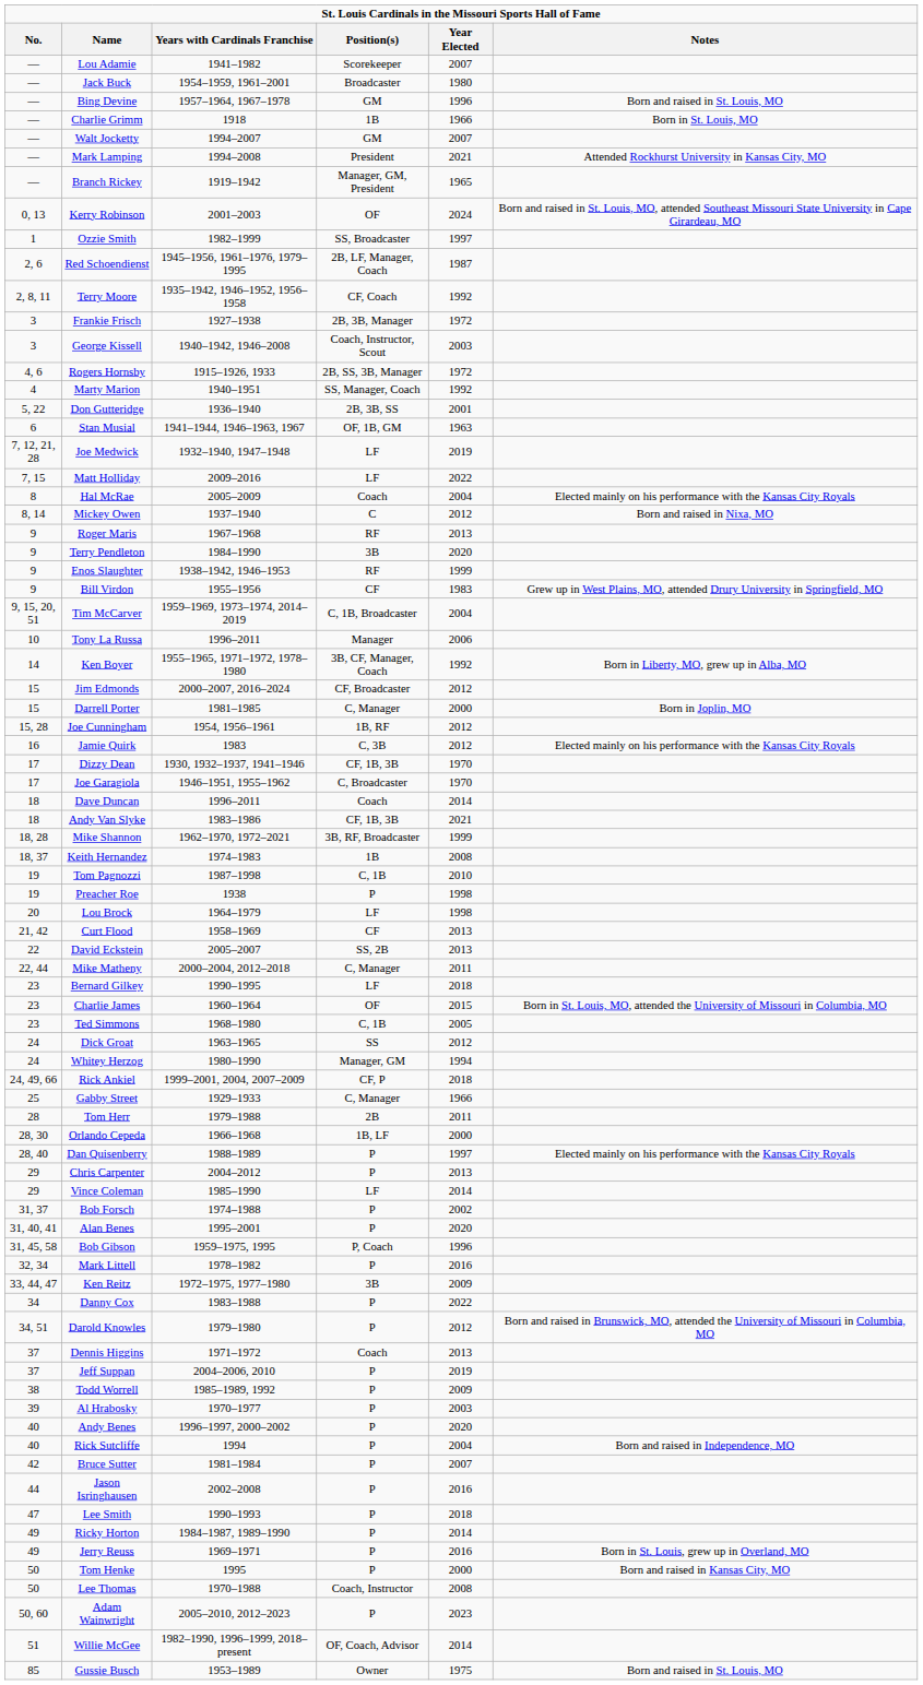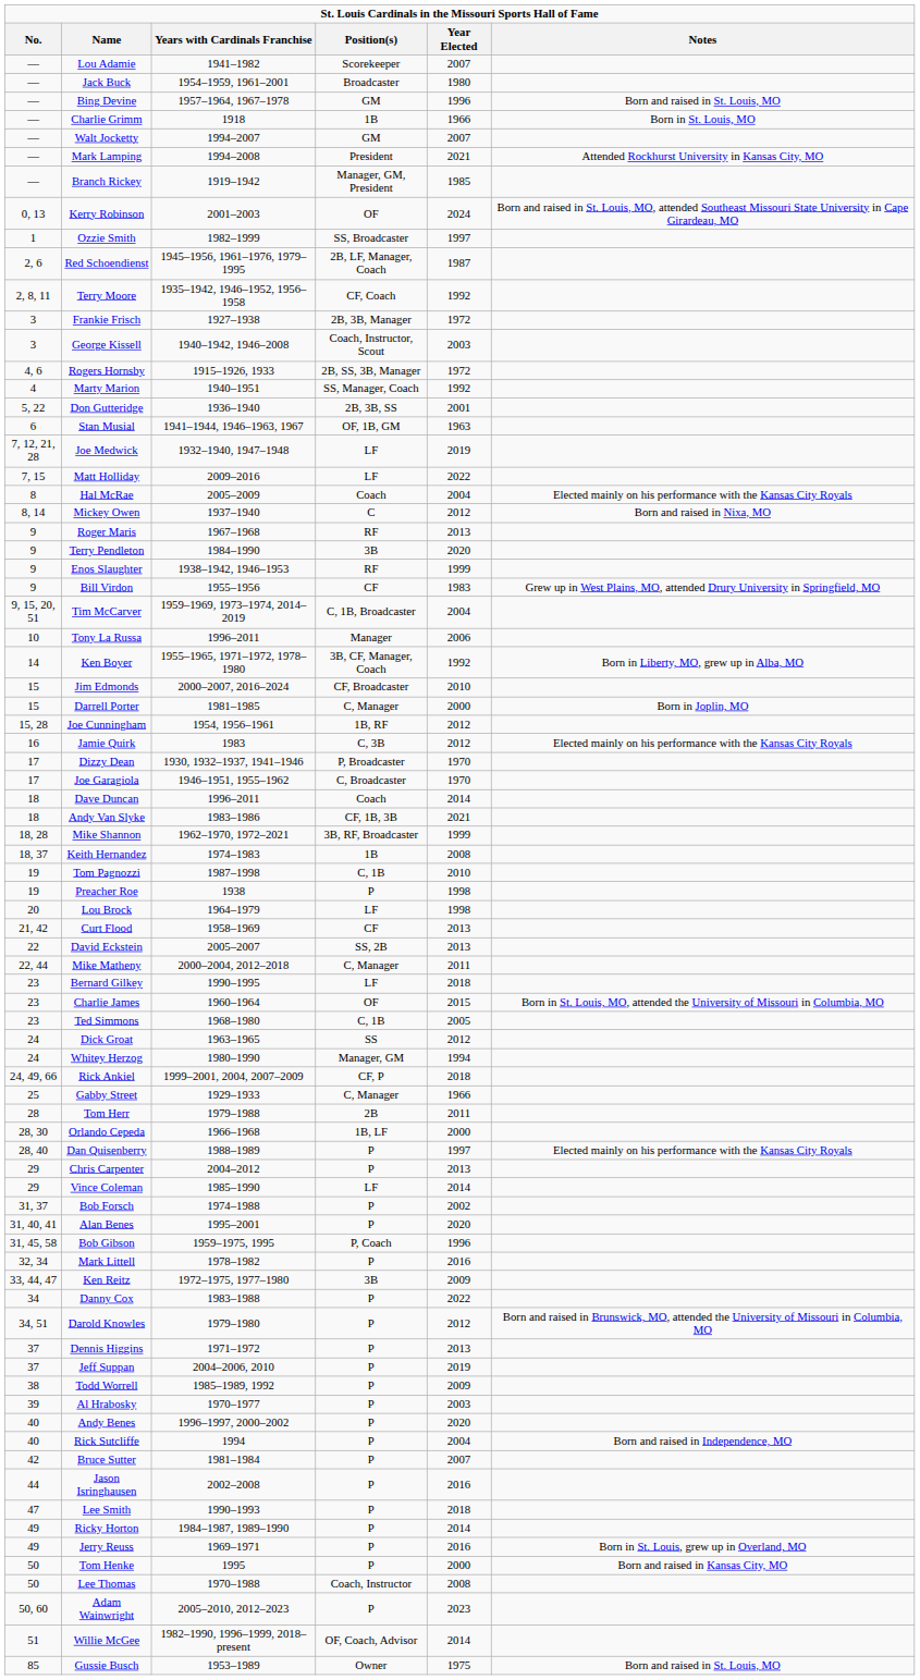 <table class="wikitable sortable" style="text-align:center">
 <tr>
 <td colspan="6"><strong>St. Louis Cardinals in the Missouri Sports Hall of Fame</strong></td>
 </tr>
 <tr>
 <th>No.</th>
 <th>Name</th>
 <th>Years with Cardinals Franchise</th>
 <th>Position(s)</th>
 <th>Year Elected</th>
 <th>Notes</th>
 </tr>
 <tr>
 <td>—</td>
 <td><a href='#'>Lou Adamie</a></td>
 <td>1941–1982</td>
 <td>Scorekeeper</td>
 <td>2007</td>
 <td></td>
 </tr>
 <tr>
 <td>—</td>
 <td><a href='#'>Jack Buck</a></td>
 <td>1954–1959, 1961–2001</td>
 <td>Broadcaster</td>
 <td>1980</td>
 <td></td>
 </tr>
 <tr>
 <td>—</td>
 <td><a href='#'>Bing Devine</a></td>
 <td>1957–1964, 1967–1978</td>
 <td>GM</td>
 <td>1996</td>
 <td>Born and raised in <a href='#'>St. Louis, MO</a></td>
 </tr>
 <tr>
 <td>—</td>
 <td><a href='#'>Charlie Grimm</a></td>
 <td>1918</td>
 <td>1B</td>
 <td>1966</td>
 <td>Born in <a href='#'>St. Louis, MO</a></td>
 </tr>
 <tr>
 <td>—</td>
 <td><a href='#'>Walt Jocketty</a></td>
 <td>1994–2007</td>
 <td>GM</td>
 <td>2007</td>
 <td></td>
 </tr>
 <tr>
 <td>—</td>
 <td><a href='#'>Mark Lamping</a></td>
 <td>1994–2008</td>
 <td>President</td>
 <td>2021</td>
 <td>Attended <a href='#'>Rockhurst University</a> in <a href='#'>Kansas City, MO</a></td>
 </tr>
 <tr>
 <td>—</td>
 <td><a href='#'>Branch Rickey</a></td>
 <td>1919–1942</td>
 <td>Manager, GM, President</td>
-<td>1965</td>
+<td>1985</td>
 <td></td>
 </tr>
 <tr>
 <td>0, 13</td>
 <td><a href='#'>Kerry Robinson</a></td>
 <td>2001–2003</td>
 <td>OF</td>
 <td>2024</td>
 <td>Born and raised in <a href='#'>St. Louis, MO</a>, attended <a href='#'>Southeast Missouri State University</a> in <a href='#'>Cape Girardeau, MO</a></td>
 </tr>
 <tr>
 <td>1</td>
 <td><a href='#'>Ozzie Smith</a></td>
 <td>1982–1999</td>
 <td>SS, Broadcaster</td>
 <td>1997</td>
 <td></td>
 </tr>
 <tr>
 <td>2, 6</td>
 <td><a href='#'>Red Schoendienst</a></td>
 <td>1945–1956, 1961–1976, 1979–1995</td>
 <td>2B, LF, Manager, Coach</td>
 <td>1987</td>
 <td></td>
 </tr>
 <tr>
 <td>2, 8, 11</td>
 <td><a href='#'>Terry Moore</a></td>
 <td>1935–1942, 1946–1952, 1956–1958</td>
 <td>CF, Coach</td>
 <td>1992</td>
 <td></td>
 </tr>
 <tr>
 <td>3</td>
 <td><a href='#'>Frankie Frisch</a></td>
 <td>1927–1938</td>
 <td>2B, 3B, Manager</td>
 <td>1972</td>
 <td></td>
 </tr>
 <tr>
 <td>3</td>
 <td><a href='#'>George Kissell</a></td>
 <td>1940–1942, 1946–2008</td>
 <td>Coach, Instructor, Scout</td>
 <td>2003</td>
 <td></td>
 </tr>
 <tr>
 <td>4, 6</td>
 <td><a href='#'>Rogers Hornsby</a></td>
 <td>1915–1926, 1933</td>
 <td>2B, SS, 3B, Manager</td>
 <td>1972</td>
 <td></td>
 </tr>
 <tr>
 <td>4</td>
 <td><a href='#'>Marty Marion</a></td>
 <td>1940–1951</td>
 <td>SS, Manager, Coach</td>
 <td>1992</td>
 <td></td>
 </tr>
 <tr>
 <td>5, 22</td>
 <td><a href='#'>Don Gutteridge</a></td>
 <td>1936–1940</td>
 <td>2B, 3B, SS</td>
 <td>2001</td>
 <td></td>
 </tr>
 <tr>
 <td>6</td>
 <td><a href='#'>Stan Musial</a></td>
 <td>1941–1944, 1946–1963, 1967</td>
 <td>OF, 1B, GM</td>
 <td>1963</td>
 <td></td>
 </tr>
 <tr>
 <td>7, 12, 21, 28</td>
 <td><a href='#'>Joe Medwick</a></td>
 <td>1932–1940, 1947–1948</td>
 <td>LF</td>
 <td>2019</td>
 <td></td>
 </tr>
 <tr>
 <td>7, 15</td>
 <td><a href='#'>Matt Holliday</a></td>
 <td>2009–2016</td>
 <td>LF</td>
 <td>2022</td>
 <td></td>
 </tr>
 <tr>
 <td>8</td>
 <td><a href='#'>Hal McRae</a></td>
 <td>2005–2009</td>
 <td>Coach</td>
 <td>2004</td>
 <td>Elected mainly on his performance with the <a href='#'>Kansas City Royals</a></td>
 </tr>
 <tr>
 <td>8, 14</td>
 <td><a href='#'>Mickey Owen</a></td>
 <td>1937–1940</td>
 <td>C</td>
 <td>2012</td>
 <td>Born and raised in <a href='#'>Nixa, MO</a></td>
 </tr>
 <tr>
 <td>9</td>
 <td><a href='#'>Roger Maris</a></td>
 <td>1967–1968</td>
 <td>RF</td>
 <td>2013</td>
 <td></td>
 </tr>
 <tr>
 <td>9</td>
 <td><a href='#'>Terry Pendleton</a></td>
 <td>1984–1990</td>
 <td>3B</td>
 <td>2020</td>
 <td></td>
 </tr>
 <tr>
 <td>9</td>
 <td><a href='#'>Enos Slaughter</a></td>
 <td>1938–1942, 1946–1953</td>
 <td>RF</td>
 <td>1999</td>
 <td></td>
 </tr>
 <tr>
 <td>9</td>
 <td><a href='#'>Bill Virdon</a></td>
 <td>1955–1956</td>
 <td>CF</td>
 <td>1983</td>
 <td>Grew up in <a href='#'>West Plains, MO</a>, attended <a href='#'>Drury University</a> in <a href='#'>Springfield, MO</a></td>
 </tr>
 <tr>
 <td>9, 15, 20, 51</td>
 <td><a href='#'>Tim McCarver</a></td>
 <td>1959–1969, 1973–1974, 2014–2019</td>
 <td>C, 1B, Broadcaster</td>
 <td>2004</td>
 <td></td>
 </tr>
 <tr>
 <td>10</td>
 <td><a href='#'>Tony La Russa</a></td>
 <td>1996–2011</td>
 <td>Manager</td>
 <td>2006</td>
 <td></td>
 </tr>
 <tr>
 <td>14</td>
 <td><a href='#'>Ken Boyer</a></td>
 <td>1955–1965, 1971–1972, 1978–1980</td>
 <td>3B, CF, Manager, Coach</td>
 <td>1992</td>
 <td>Born in <a href='#'>Liberty, MO</a>, grew up in <a href='#'>Alba, MO</a></td>
 </tr>
 <tr>
 <td>15</td>
 <td><a href='#'>Jim Edmonds</a></td>
 <td>2000–2007, 2016–2024</td>
 <td>CF, Broadcaster</td>
-<td>2012</td>
+<td>2010</td>
 <td></td>
 </tr>
 <tr>
 <td>15</td>
 <td><a href='#'>Darrell Porter</a></td>
 <td>1981–1985</td>
 <td>C, Manager</td>
 <td>2000</td>
 <td>Born in <a href='#'>Joplin, MO</a></td>
 </tr>
 <tr>
 <td>15, 28</td>
 <td><a href='#'>Joe Cunningham</a></td>
 <td>1954, 1956–1961</td>
 <td>1B, RF</td>
 <td>2012</td>
 <td></td>
 </tr>
 <tr>
 <td>16</td>
 <td><a href='#'>Jamie Quirk</a></td>
 <td>1983</td>
 <td>C, 3B</td>
 <td>2012</td>
 <td>Elected mainly on his performance with the <a href='#'>Kansas City Royals</a></td>
 </tr>
 <tr>
 <td>17</td>
 <td><a href='#'>Dizzy Dean</a></td>
 <td>1930, 1932–1937, 1941–1946</td>
-<td>CF, 1B, 3B</td>
+<td>P, Broadcaster</td>
 <td>1970</td>
 <td></td>
 </tr>
 <tr>
 <td>17</td>
 <td><a href='#'>Joe Garagiola</a></td>
 <td>1946–1951, 1955–1962</td>
 <td>C, Broadcaster</td>
 <td>1970</td>
 <td></td>
 </tr>
 <tr>
 <td>18</td>
 <td><a href='#'>Dave Duncan</a></td>
 <td>1996–2011</td>
 <td>Coach</td>
 <td>2014</td>
 <td></td>
 </tr>
 <tr>
 <td>18</td>
 <td><a href='#'>Andy Van Slyke</a></td>
 <td>1983–1986</td>
 <td>CF, 1B, 3B</td>
 <td>2021</td>
 <td></td>
 </tr>
 <tr>
 <td>18, 28</td>
 <td><a href='#'>Mike Shannon</a></td>
 <td>1962–1970, 1972–2021</td>
 <td>3B, RF, Broadcaster</td>
 <td>1999</td>
 <td></td>
 </tr>
 <tr>
 <td>18, 37</td>
 <td><a href='#'>Keith Hernandez</a></td>
 <td>1974–1983</td>
 <td>1B</td>
 <td>2008</td>
 <td></td>
 </tr>
 <tr>
 <td>19</td>
 <td><a href='#'>Tom Pagnozzi</a></td>
 <td>1987–1998</td>
 <td>C, 1B</td>
 <td>2010</td>
 <td></td>
 </tr>
 <tr>
 <td>19</td>
 <td><a href='#'>Preacher Roe</a></td>
 <td>1938</td>
 <td>P</td>
 <td>1998</td>
 <td></td>
 </tr>
 <tr>
 <td>20</td>
 <td><a href='#'>Lou Brock</a></td>
 <td>1964–1979</td>
 <td>LF</td>
 <td>1998</td>
 <td></td>
 </tr>
 <tr>
 <td>21, 42</td>
 <td><a href='#'>Curt Flood</a></td>
 <td>1958–1969</td>
 <td>CF</td>
 <td>2013</td>
 <td></td>
 </tr>
 <tr>
 <td>22</td>
 <td><a href='#'>David Eckstein</a></td>
 <td>2005–2007</td>
 <td>SS, 2B</td>
 <td>2013</td>
 <td></td>
 </tr>
 <tr>
 <td>22, 44</td>
 <td><a href='#'>Mike Matheny</a></td>
 <td>2000–2004, 2012–2018</td>
 <td>C, Manager</td>
 <td>2011</td>
 <td></td>
 </tr>
 <tr>
 <td>23</td>
 <td><a href='#'>Bernard Gilkey</a></td>
 <td>1990–1995</td>
 <td>LF</td>
 <td>2018</td>
 <td></td>
 </tr>
 <tr>
 <td>23</td>
 <td><a href='#'>Charlie James</a></td>
 <td>1960–1964</td>
 <td>OF</td>
 <td>2015</td>
 <td>Born in <a href='#'>St. Louis, MO</a>, attended the <a href='#'>University of Missouri</a> in <a href='#'>Columbia, MO</a></td>
 </tr>
 <tr>
 <td>23</td>
 <td><a href='#'>Ted Simmons</a></td>
 <td>1968–1980</td>
 <td>C, 1B</td>
 <td>2005</td>
 <td></td>
 </tr>
 <tr>
 <td>24</td>
 <td><a href='#'>Dick Groat</a></td>
 <td>1963–1965</td>
 <td>SS</td>
 <td>2012</td>
 <td></td>
 </tr>
 <tr>
 <td>24</td>
 <td><a href='#'>Whitey Herzog</a></td>
 <td>1980–1990</td>
 <td>Manager, GM</td>
 <td>1994</td>
 <td></td>
 </tr>
 <tr>
 <td>24, 49, 66</td>
 <td><a href='#'>Rick Ankiel</a></td>
 <td>1999–2001, 2004, 2007–2009</td>
 <td>CF, P</td>
 <td>2018</td>
 <td></td>
 </tr>
 <tr>
 <td>25</td>
 <td><a href='#'>Gabby Street</a></td>
 <td>1929–1933</td>
 <td>C, Manager</td>
 <td>1966</td>
 <td></td>
 </tr>
 <tr>
 <td>28</td>
 <td><a href='#'>Tom Herr</a></td>
 <td>1979–1988</td>
 <td>2B</td>
 <td>2011</td>
 <td></td>
 </tr>
 <tr>
 <td>28, 30</td>
 <td><a href='#'>Orlando Cepeda</a></td>
 <td>1966–1968</td>
 <td>1B, LF</td>
 <td>2000</td>
 <td></td>
 </tr>
 <tr>
 <td>28, 40</td>
 <td><a href='#'>Dan Quisenberry</a></td>
 <td>1988–1989</td>
 <td>P</td>
 <td>1997</td>
 <td>Elected mainly on his performance with the <a href='#'>Kansas City Royals</a></td>
 </tr>
 <tr>
 <td>29</td>
 <td><a href='#'>Chris Carpenter</a></td>
 <td>2004–2012</td>
 <td>P</td>
 <td>2013</td>
 <td></td>
 </tr>
 <tr>
 <td>29</td>
 <td><a href='#'>Vince Coleman</a></td>
 <td>1985–1990</td>
 <td>LF</td>
 <td>2014</td>
 <td></td>
 </tr>
 <tr>
 <td>31, 37</td>
 <td><a href='#'>Bob Forsch</a></td>
 <td>1974–1988</td>
 <td>P</td>
 <td>2002</td>
 <td></td>
 </tr>
 <tr>
 <td>31, 40, 41</td>
 <td><a href='#'>Alan Benes</a></td>
 <td>1995–2001</td>
 <td>P</td>
 <td>2020</td>
 <td></td>
 </tr>
 <tr>
 <td>31, 45, 58</td>
 <td><a href='#'>Bob Gibson</a></td>
 <td>1959–1975, 1995</td>
 <td>P, Coach</td>
 <td>1996</td>
 <td></td>
 </tr>
 <tr>
 <td>32, 34</td>
 <td><a href='#'>Mark Littell</a></td>
 <td>1978–1982</td>
 <td>P</td>
 <td>2016</td>
 <td></td>
 </tr>
 <tr>
 <td>33, 44, 47</td>
 <td><a href='#'>Ken Reitz</a></td>
 <td>1972–1975, 1977–1980</td>
 <td>3B</td>
 <td>2009</td>
 <td></td>
 </tr>
 <tr>
 <td>34</td>
 <td><a href='#'>Danny Cox</a></td>
 <td>1983–1988</td>
 <td>P</td>
 <td>2022</td>
 <td></td>
 </tr>
 <tr>
 <td>34, 51</td>
 <td><a href='#'>Darold Knowles</a></td>
 <td>1979–1980</td>
 <td>P</td>
 <td>2012</td>
 <td>Born and raised in <a href='#'>Brunswick, MO</a>, attended the <a href='#'>University of Missouri</a> in <a href='#'>Columbia, MO</a></td>
 </tr>
 <tr>
 <td>37</td>
 <td><a href='#'>Dennis Higgins</a></td>
 <td>1971–1972</td>
-<td>Coach</td>
+<td>P</td>
 <td>2013</td>
 <td></td>
 </tr>
 <tr>
 <td>37</td>
 <td><a href='#'>Jeff Suppan</a></td>
 <td>2004–2006, 2010</td>
 <td>P</td>
 <td>2019</td>
 <td></td>
 </tr>
 <tr>
 <td>38</td>
 <td><a href='#'>Todd Worrell</a></td>
 <td>1985–1989, 1992</td>
 <td>P</td>
 <td>2009</td>
 <td></td>
 </tr>
 <tr>
 <td>39</td>
 <td><a href='#'>Al Hrabosky</a></td>
 <td>1970–1977</td>
 <td>P</td>
 <td>2003</td>
 <td></td>
 </tr>
 <tr>
 <td>40</td>
 <td><a href='#'>Andy Benes</a></td>
 <td>1996–1997, 2000–2002</td>
 <td>P</td>
 <td>2020</td>
 <td></td>
 </tr>
 <tr>
 <td>40</td>
 <td><a href='#'>Rick Sutcliffe</a></td>
 <td>1994</td>
 <td>P</td>
 <td>2004</td>
 <td>Born and raised in <a href='#'>Independence, MO</a></td>
 </tr>
 <tr>
 <td>42</td>
 <td><a href='#'>Bruce Sutter</a></td>
 <td>1981–1984</td>
 <td>P</td>
 <td>2007</td>
 <td></td>
 </tr>
 <tr>
 <td>44</td>
 <td><a href='#'>Jason Isringhausen</a></td>
 <td>2002–2008</td>
 <td>P</td>
 <td>2016</td>
 <td></td>
 </tr>
 <tr>
 <td>47</td>
 <td><a href='#'>Lee Smith</a></td>
 <td>1990–1993</td>
 <td>P</td>
 <td>2018</td>
 <td></td>
 </tr>
 <tr>
 <td>49</td>
 <td><a href='#'>Ricky Horton</a></td>
 <td>1984–1987, 1989–1990</td>
 <td>P</td>
 <td>2014</td>
 <td></td>
 </tr>
 <tr>
 <td>49</td>
 <td><a href='#'>Jerry Reuss</a></td>
 <td>1969–1971</td>
 <td>P</td>
 <td>2016</td>
 <td>Born in <a href='#'>St. Louis</a>, grew up in <a href='#'>Overland, MO</a></td>
 </tr>
 <tr>
 <td>50</td>
 <td><a href='#'>Tom Henke</a></td>
 <td>1995</td>
 <td>P</td>
 <td>2000</td>
 <td>Born and raised in <a href='#'>Kansas City, MO</a></td>
 </tr>
 <tr>
 <td>50</td>
 <td><a href='#'>Lee Thomas</a></td>
 <td>1970–1988</td>
 <td>Coach, Instructor</td>
 <td>2008</td>
 <td></td>
 </tr>
 <tr>
 <td>50, 60</td>
 <td><a href='#'>Adam Wainwright</a></td>
 <td>2005–2010, 2012–2023</td>
 <td>P</td>
 <td>2023</td>
 <td></td>
 </tr>
 <tr>
 <td>51</td>
 <td><a href='#'>Willie McGee</a></td>
 <td>1982–1990, 1996–1999, 2018–present</td>
 <td>OF, Coach, Advisor</td>
 <td>2014</td>
 <td></td>
 </tr>
 <tr>
 <td>85</td>
 <td><a href='#'>Gussie Busch</a></td>
 <td>1953–1989</td>
 <td>Owner</td>
 <td>1975</td>
 <td>Born and raised in <a href='#'>St. Louis, MO</a></td>
 </tr>
 </table>
